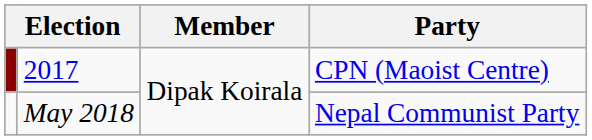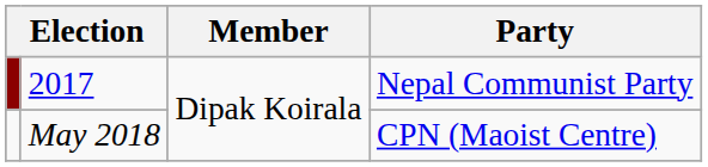 <table class="wikitable">
 <tr>
 <th colspan="2">Election</th>
 <th>Member</th>
 <th>Party</th>
 </tr>
 <tr>
 <td style="background-color:darkred"></td>
 <td><a href='#'>2017</a></td>
 <td rowspan="2">Dipak Koirala</td>
-<td><a href='#'>CPN (Maoist Centre)</a></td>
+<td><a href='#'>Nepal Communist Party</a></td>
 </tr>
 <tr>
 <td style="background-color:"></td>
 <td><em>May 2018</em></td>
-<td><a href='#'>Nepal Communist Party</a></td>
+<td><a href='#'>CPN (Maoist Centre)</a></td>
 </tr>
 </table>
